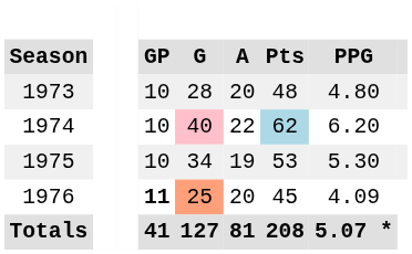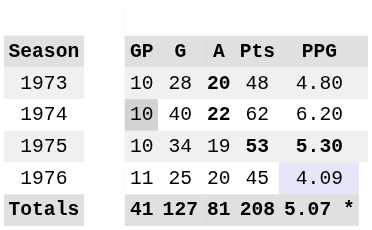 <table BORDER="0" CELLPADDING="3" CELLSPACING="0">
 <tr ALIGN="center" bgcolor="#e0e0e0">
 <th colspan="1" bgcolor="#ffffff"> </th>
 <th rowspan="99" bgcolor="#ffffff"> </th>
 <th rowspan="99" bgcolor="#ffffff"> </th>
 </tr>
 <tr ALIGN="center" bgcolor="#e0e0e0">
 <th>Season</th>
 <th>GP</th>
 <th>G</th>
 <th>A</th>
 <th>Pts</th>
 <th>PPG</th>
 <th></th>
 </tr>
 <tr ALIGN="center" bgcolor="#f0f0f0">
 <td>1973</td>
 <td>10</td>
 <td>28</td>
-<td>20</td>
+<td><strong>20</strong></td>
 <td>48</td>
 <td>4.80</td>
 <td></td>
 </tr>
 <tr ALIGN="center">
 <td>1974</td>
-<td>10</td>
-<td style="background: pink;">40</td>
-<td>22</td>
-<td style="background: lightblue;">62</td>
+<td style="background: lightgrey;">10</td>
+<td>40</td>
+<td><strong>22</strong></td>
+<td>62</td>
 <td>6.20</td>
 <td></td>
 </tr>
 <tr ALIGN="center" bgcolor="#f0f0f0">
 <td>1975</td>
 <td>10</td>
 <td>34</td>
 <td>19</td>
-<td>53</td>
-<td>5.30</td>
+<td><strong>53</strong></td>
+<td><strong>5.30</strong></td>
 <td></td>
 </tr>
 <tr ALIGN="center">
 <td>1976</td>
-<td><strong>11</strong></td>
-<td style="background: lightsalmon;">25</td>
+<td>11</td>
+<td>25</td>
 <td>20</td>
 <td>45</td>
-<td>4.09</td>
+<td style="background: lavender;">4.09</td>
 <td></td>
 </tr>
 <tr ALIGN="center"  bgcolor="#e0e0e0">
 <th colspan="1.5">Totals</th>
 <th>41</th>
 <th>127</th>
 <th>81</th>
 <th>208</th>
 <th>5.07 *</th>
 </tr>
 </table>
